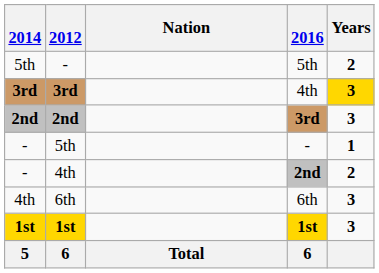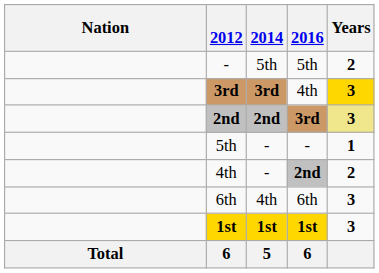 <table class="wikitable" style="text-align:center; font-size:90%">
 <tr>
+<th width=170>Nation</th>
+<th><br><a href='#'>2012</a></th>
 <th><br><a href='#'>2014</a></th>
-<th><br><a href='#'>2012</a></th>
-<th width=170>Nation</th>
 <th><br><a href='#'>2016</a></th>
 <th>Years</th>
 </tr>
 <tr>
+<td align=left></td>
+<td>-</td>
 <td>5th</td>
-<td>-</td>
-<td align=left></td>
 <td>5th</td>
 <td><strong>2</strong></td>
 </tr>
 <tr>
+<td align=left></td>
 <td bgcolor=#cc9966><strong>3rd</strong></td>
 <td bgcolor=#cc9966><strong>3rd</strong></td>
-<td align=left></td>
 <td>4th</td>
 <td style="background: gold;"><strong>3</strong></td>
 </tr>
 <tr>
+<td align=left></td>
 <td bgcolor=silver><strong>2nd</strong></td>
 <td bgcolor=silver><strong>2nd</strong></td>
-<td align=left></td>
 <td bgcolor=#cc9966><strong>3rd</strong></td>
-<td><strong>3</strong></td>
+<td style="background: khaki;"><strong>3</strong></td>
 </tr>
 <tr>
+<td align=left></td>
+<td>5th</td>
 <td>-</td>
-<td>5th</td>
-<td align=left></td>
 <td>-</td>
 <td><strong>1</strong></td>
 </tr>
 <tr>
+<td align=left></td>
+<td>4th</td>
 <td>-</td>
-<td>4th</td>
-<td align=left></td>
 <td bgcolor=silver><strong>2nd</strong></td>
 <td><strong>2</strong></td>
 </tr>
 <tr>
+<td align=left></td>
+<td>6th</td>
 <td>4th</td>
-<td>6th</td>
-<td align=left></td>
 <td>6th</td>
 <td><strong>3</strong></td>
 </tr>
 <tr>
+<td align=left></td>
 <td bgcolor=gold><strong>1st</strong></td>
 <td bgcolor=gold><strong>1st</strong></td>
-<td align=left></td>
 <td bgcolor=gold><strong>1st</strong></td>
 <td><strong>3</strong></td>
 </tr>
 <tr>
+<th>Total</th>
+<th>6</th>
 <th>5</th>
-<th>6</th>
-<th>Total</th>
 <th>6</th>
 <th></th>
 </tr>
 </table>
